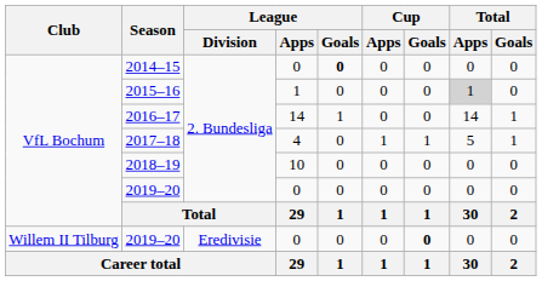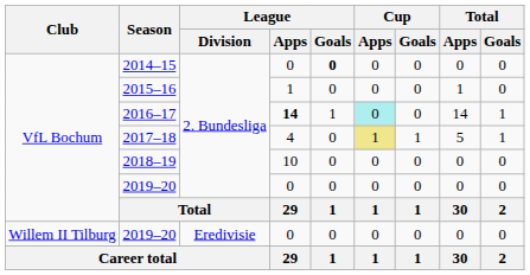 <table class="wikitable" style="text-align:center">
 <tr>
 <th rowspan="2">Club</th>
 <th rowspan="2">Season</th>
 <th colspan="3">League</th>
 <th colspan="2">Cup</th>
 <th colspan="2">Total</th>
 </tr>
 <tr>
 <th>Division</th>
 <th>Apps</th>
 <th>Goals</th>
 <th>Apps</th>
 <th>Goals</th>
 <th>Apps</th>
 <th>Goals</th>
 </tr>
 <tr>
 <td rowspan="7"><a href='#'>VfL Bochum</a></td>
 <td><a href='#'>2014–15</a></td>
 <td rowspan="6"><a href='#'>2. Bundesliga</a></td>
 <td>0</td>
 <td><strong>0</strong></td>
 <td>0</td>
 <td>0</td>
 <td>0</td>
 <td>0</td>
 </tr>
 <tr>
 <td><a href='#'>2015–16</a></td>
 <td>1</td>
 <td>0</td>
 <td>0</td>
 <td>0</td>
-<td style="background: lightgrey;">1</td>
+<td>1</td>
 <td>0</td>
 </tr>
 <tr>
 <td><a href='#'>2016–17</a></td>
-<td>14</td>
+<td><strong>14</strong></td>
 <td>1</td>
-<td>0</td>
+<td style="background: paleturquoise;">0</td>
 <td>0</td>
 <td>14</td>
 <td>1</td>
 </tr>
 <tr>
 <td><a href='#'>2017–18</a></td>
 <td>4</td>
 <td>0</td>
-<td>1</td>
+<td style="background: khaki;">1</td>
 <td>1</td>
 <td>5</td>
 <td>1</td>
 </tr>
 <tr>
 <td><a href='#'>2018–19</a></td>
 <td>10</td>
 <td>0</td>
 <td>0</td>
 <td>0</td>
 <td>0</td>
 <td>0</td>
 </tr>
 <tr>
 <td><a href='#'>2019–20</a></td>
 <td>0</td>
 <td>0</td>
 <td>0</td>
 <td>0</td>
 <td>0</td>
 <td>0</td>
 </tr>
 <tr>
 <th colspan="2">Total</th>
 <th>29</th>
 <th>1</th>
 <th>1</th>
 <th>1</th>
 <th>30</th>
 <th>2</th>
 </tr>
 <tr>
 <td><a href='#'>Willem II Tilburg</a></td>
 <td><a href='#'>2019–20</a></td>
 <td><a href='#'>Eredivisie</a></td>
 <td>0</td>
 <td>0</td>
 <td>0</td>
-<td><strong>0</strong></td>
+<td>0</td>
 <td>0</td>
 <td>0</td>
 </tr>
 <tr>
 <th colspan="3">Career total</th>
 <th>29</th>
 <th>1</th>
 <th>1</th>
 <th>1</th>
 <th>30</th>
 <th>2</th>
 </tr>
 </table>
